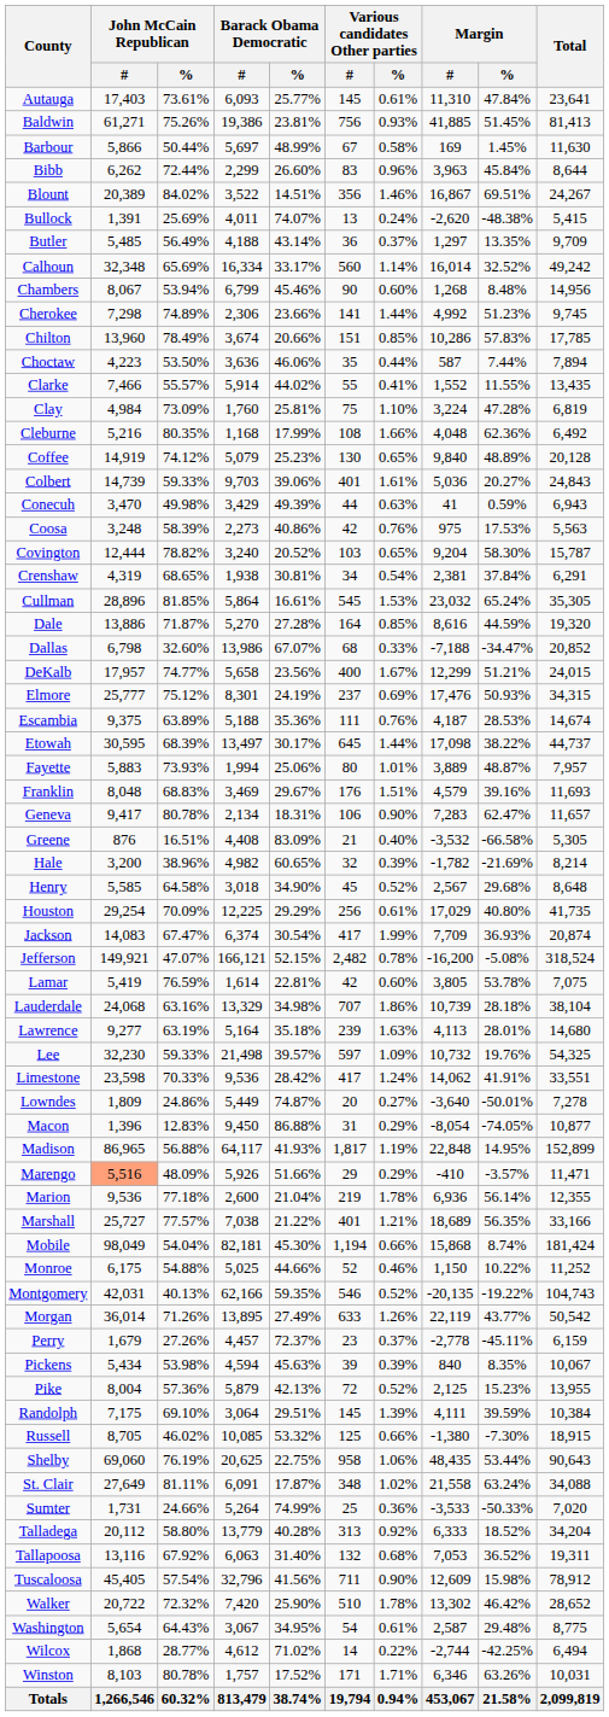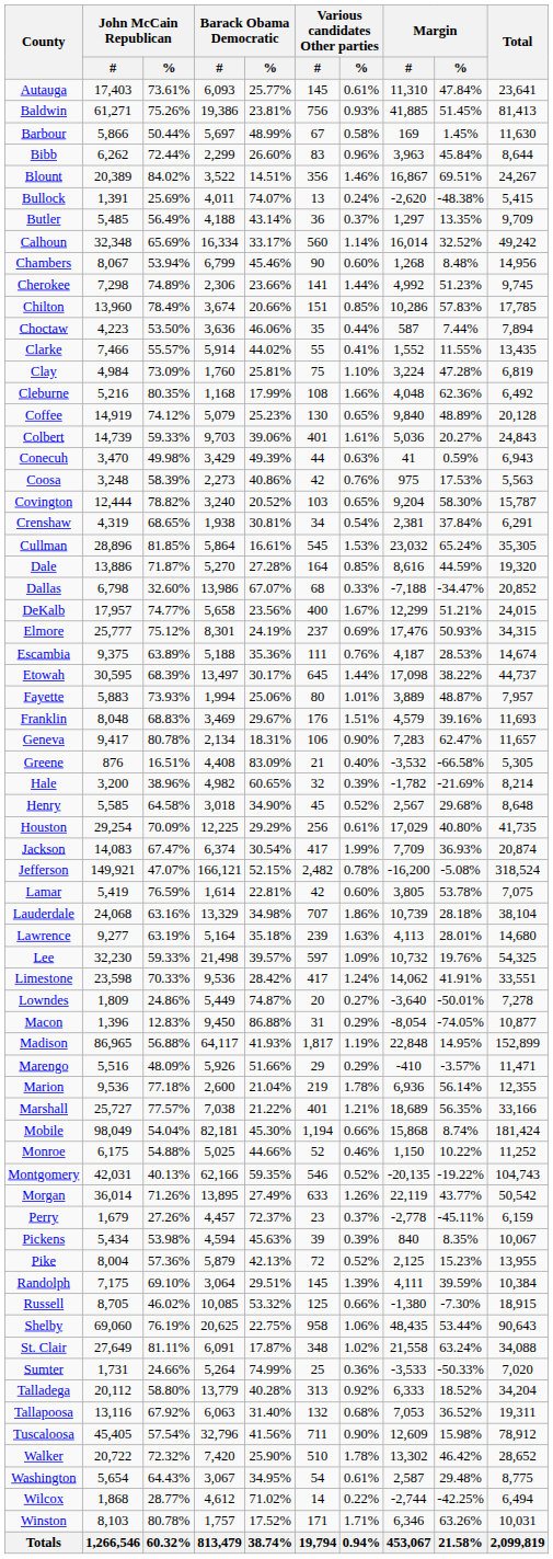 <table width="60%" class="wikitable sortable">
 <tr>
 <th rowspan="2">County</th>
 <th colspan="2">John McCain<br>Republican</th>
 <th colspan="2">Barack Obama<br>Democratic</th>
 <th colspan="2">Various candidates<br>Other parties</th>
 <th colspan="2">Margin</th>
 <th rowspan="2">Total</th>
 </tr>
 <tr>
 <th style="text-align:center;" data-sort-type="number">#</th>
 <th style="text-align:center;" data-sort-type="number">%</th>
 <th style="text-align:center;" data-sort-type="number">#</th>
 <th style="text-align:center;" data-sort-type="number">%</th>
 <th style="text-align:center;" data-sort-type="number">#</th>
 <th style="text-align:center;" data-sort-type="number">%</th>
 <th style="text-align:center;" data-sort-type="number">#</th>
 <th style="text-align:center;" data-sort-type="number">%</th>
 </tr>
 <tr style="text-align:center;">
 <td><a href='#'>Autauga</a></td>
 <td>17,403</td>
 <td>73.61%</td>
 <td>6,093</td>
 <td>25.77%</td>
 <td>145</td>
 <td>0.61%</td>
 <td>11,310</td>
 <td>47.84%</td>
 <td>23,641</td>
 </tr>
 <tr style="text-align:center;">
 <td><a href='#'>Baldwin</a></td>
 <td>61,271</td>
 <td>75.26%</td>
 <td>19,386</td>
 <td>23.81%</td>
 <td>756</td>
 <td>0.93%</td>
 <td>41,885</td>
 <td>51.45%</td>
 <td>81,413</td>
 </tr>
 <tr style="text-align:center;">
 <td><a href='#'>Barbour</a></td>
 <td>5,866</td>
 <td>50.44%</td>
 <td>5,697</td>
 <td>48.99%</td>
 <td>67</td>
 <td>0.58%</td>
 <td>169</td>
 <td>1.45%</td>
 <td>11,630</td>
 </tr>
 <tr style="text-align:center;">
 <td><a href='#'>Bibb</a></td>
 <td>6,262</td>
 <td>72.44%</td>
 <td>2,299</td>
 <td>26.60%</td>
 <td>83</td>
 <td>0.96%</td>
 <td>3,963</td>
 <td>45.84%</td>
 <td>8,644</td>
 </tr>
 <tr style="text-align:center;">
 <td><a href='#'>Blount</a></td>
 <td>20,389</td>
 <td>84.02%</td>
 <td>3,522</td>
 <td>14.51%</td>
 <td>356</td>
 <td>1.46%</td>
 <td>16,867</td>
 <td>69.51%</td>
 <td>24,267</td>
 </tr>
 <tr style="text-align:center;">
 <td><a href='#'>Bullock</a></td>
 <td>1,391</td>
 <td>25.69%</td>
 <td>4,011</td>
 <td>74.07%</td>
 <td>13</td>
 <td>0.24%</td>
 <td>-2,620</td>
 <td>-48.38%</td>
 <td>5,415</td>
 </tr>
 <tr style="text-align:center;">
 <td><a href='#'>Butler</a></td>
 <td>5,485</td>
 <td>56.49%</td>
 <td>4,188</td>
 <td>43.14%</td>
 <td>36</td>
 <td>0.37%</td>
 <td>1,297</td>
 <td>13.35%</td>
 <td>9,709</td>
 </tr>
 <tr style="text-align:center;">
 <td><a href='#'>Calhoun</a></td>
 <td>32,348</td>
 <td>65.69%</td>
 <td>16,334</td>
 <td>33.17%</td>
 <td>560</td>
 <td>1.14%</td>
 <td>16,014</td>
 <td>32.52%</td>
 <td>49,242</td>
 </tr>
 <tr style="text-align:center;">
 <td><a href='#'>Chambers</a></td>
 <td>8,067</td>
 <td>53.94%</td>
 <td>6,799</td>
 <td>45.46%</td>
 <td>90</td>
 <td>0.60%</td>
 <td>1,268</td>
 <td>8.48%</td>
 <td>14,956</td>
 </tr>
 <tr style="text-align:center;">
 <td><a href='#'>Cherokee</a></td>
 <td>7,298</td>
 <td>74.89%</td>
 <td>2,306</td>
 <td>23.66%</td>
 <td>141</td>
 <td>1.44%</td>
 <td>4,992</td>
 <td>51.23%</td>
 <td>9,745</td>
 </tr>
 <tr style="text-align:center;">
 <td><a href='#'>Chilton</a></td>
 <td>13,960</td>
 <td>78.49%</td>
 <td>3,674</td>
 <td>20.66%</td>
 <td>151</td>
 <td>0.85%</td>
 <td>10,286</td>
 <td>57.83%</td>
 <td>17,785</td>
 </tr>
 <tr style="text-align:center;">
 <td><a href='#'>Choctaw</a></td>
 <td>4,223</td>
 <td>53.50%</td>
 <td>3,636</td>
 <td>46.06%</td>
 <td>35</td>
 <td>0.44%</td>
 <td>587</td>
 <td>7.44%</td>
 <td>7,894</td>
 </tr>
 <tr style="text-align:center;">
 <td><a href='#'>Clarke</a></td>
 <td>7,466</td>
 <td>55.57%</td>
 <td>5,914</td>
 <td>44.02%</td>
 <td>55</td>
 <td>0.41%</td>
 <td>1,552</td>
 <td>11.55%</td>
 <td>13,435</td>
 </tr>
 <tr style="text-align:center;">
 <td><a href='#'>Clay</a></td>
 <td>4,984</td>
 <td>73.09%</td>
 <td>1,760</td>
 <td>25.81%</td>
 <td>75</td>
 <td>1.10%</td>
 <td>3,224</td>
 <td>47.28%</td>
 <td>6,819</td>
 </tr>
 <tr style="text-align:center;">
 <td><a href='#'>Cleburne</a></td>
 <td>5,216</td>
 <td>80.35%</td>
 <td>1,168</td>
 <td>17.99%</td>
 <td>108</td>
 <td>1.66%</td>
 <td>4,048</td>
 <td>62.36%</td>
 <td>6,492</td>
 </tr>
 <tr style="text-align:center;">
 <td><a href='#'>Coffee</a></td>
 <td>14,919</td>
 <td>74.12%</td>
 <td>5,079</td>
 <td>25.23%</td>
 <td>130</td>
 <td>0.65%</td>
 <td>9,840</td>
 <td>48.89%</td>
 <td>20,128</td>
 </tr>
 <tr style="text-align:center;">
 <td><a href='#'>Colbert</a></td>
 <td>14,739</td>
 <td>59.33%</td>
 <td>9,703</td>
 <td>39.06%</td>
 <td>401</td>
 <td>1.61%</td>
 <td>5,036</td>
 <td>20.27%</td>
 <td>24,843</td>
 </tr>
 <tr style="text-align:center;">
 <td><a href='#'>Conecuh</a></td>
 <td>3,470</td>
 <td>49.98%</td>
 <td>3,429</td>
 <td>49.39%</td>
 <td>44</td>
 <td>0.63%</td>
 <td>41</td>
 <td>0.59%</td>
 <td>6,943</td>
 </tr>
 <tr style="text-align:center;">
 <td><a href='#'>Coosa</a></td>
 <td>3,248</td>
 <td>58.39%</td>
 <td>2,273</td>
 <td>40.86%</td>
 <td>42</td>
 <td>0.76%</td>
 <td>975</td>
 <td>17.53%</td>
 <td>5,563</td>
 </tr>
 <tr style="text-align:center;">
 <td><a href='#'>Covington</a></td>
 <td>12,444</td>
 <td>78.82%</td>
 <td>3,240</td>
 <td>20.52%</td>
 <td>103</td>
 <td>0.65%</td>
 <td>9,204</td>
 <td>58.30%</td>
 <td>15,787</td>
 </tr>
 <tr style="text-align:center;">
 <td><a href='#'>Crenshaw</a></td>
 <td>4,319</td>
 <td>68.65%</td>
 <td>1,938</td>
 <td>30.81%</td>
 <td>34</td>
 <td>0.54%</td>
 <td>2,381</td>
 <td>37.84%</td>
 <td>6,291</td>
 </tr>
 <tr style="text-align:center;">
 <td><a href='#'>Cullman</a></td>
 <td>28,896</td>
 <td>81.85%</td>
 <td>5,864</td>
 <td>16.61%</td>
 <td>545</td>
 <td>1.53%</td>
 <td>23,032</td>
 <td>65.24%</td>
 <td>35,305</td>
 </tr>
 <tr style="text-align:center;">
 <td><a href='#'>Dale</a></td>
 <td>13,886</td>
 <td>71.87%</td>
 <td>5,270</td>
 <td>27.28%</td>
 <td>164</td>
 <td>0.85%</td>
 <td>8,616</td>
 <td>44.59%</td>
 <td>19,320</td>
 </tr>
 <tr style="text-align:center;">
 <td><a href='#'>Dallas</a></td>
 <td>6,798</td>
 <td>32.60%</td>
 <td>13,986</td>
 <td>67.07%</td>
 <td>68</td>
 <td>0.33%</td>
 <td>-7,188</td>
 <td>-34.47%</td>
 <td>20,852</td>
 </tr>
 <tr style="text-align:center;">
 <td><a href='#'>DeKalb</a></td>
 <td>17,957</td>
 <td>74.77%</td>
 <td>5,658</td>
 <td>23.56%</td>
 <td>400</td>
 <td>1.67%</td>
 <td>12,299</td>
 <td>51.21%</td>
 <td>24,015</td>
 </tr>
 <tr style="text-align:center;">
 <td><a href='#'>Elmore</a></td>
 <td>25,777</td>
 <td>75.12%</td>
 <td>8,301</td>
 <td>24.19%</td>
 <td>237</td>
 <td>0.69%</td>
 <td>17,476</td>
 <td>50.93%</td>
 <td>34,315</td>
 </tr>
 <tr style="text-align:center;">
 <td><a href='#'>Escambia</a></td>
 <td>9,375</td>
 <td>63.89%</td>
 <td>5,188</td>
 <td>35.36%</td>
 <td>111</td>
 <td>0.76%</td>
 <td>4,187</td>
 <td>28.53%</td>
 <td>14,674</td>
 </tr>
 <tr style="text-align:center;">
 <td><a href='#'>Etowah</a></td>
 <td>30,595</td>
 <td>68.39%</td>
 <td>13,497</td>
 <td>30.17%</td>
 <td>645</td>
 <td>1.44%</td>
 <td>17,098</td>
 <td>38.22%</td>
 <td>44,737</td>
 </tr>
 <tr style="text-align:center;">
 <td><a href='#'>Fayette</a></td>
 <td>5,883</td>
 <td>73.93%</td>
 <td>1,994</td>
 <td>25.06%</td>
 <td>80</td>
 <td>1.01%</td>
 <td>3,889</td>
 <td>48.87%</td>
 <td>7,957</td>
 </tr>
 <tr style="text-align:center;">
 <td><a href='#'>Franklin</a></td>
 <td>8,048</td>
 <td>68.83%</td>
 <td>3,469</td>
 <td>29.67%</td>
 <td>176</td>
 <td>1.51%</td>
 <td>4,579</td>
 <td>39.16%</td>
 <td>11,693</td>
 </tr>
 <tr style="text-align:center;">
 <td><a href='#'>Geneva</a></td>
 <td>9,417</td>
 <td>80.78%</td>
 <td>2,134</td>
 <td>18.31%</td>
 <td>106</td>
 <td>0.90%</td>
 <td>7,283</td>
 <td>62.47%</td>
 <td>11,657</td>
 </tr>
 <tr style="text-align:center;">
 <td><a href='#'>Greene</a></td>
 <td>876</td>
 <td>16.51%</td>
 <td>4,408</td>
 <td>83.09%</td>
 <td>21</td>
 <td>0.40%</td>
 <td>-3,532</td>
 <td>-66.58%</td>
 <td>5,305</td>
 </tr>
 <tr style="text-align:center;">
 <td><a href='#'>Hale</a></td>
 <td>3,200</td>
 <td>38.96%</td>
 <td>4,982</td>
 <td>60.65%</td>
 <td>32</td>
 <td>0.39%</td>
 <td>-1,782</td>
 <td>-21.69%</td>
 <td>8,214</td>
 </tr>
 <tr style="text-align:center;">
 <td><a href='#'>Henry</a></td>
 <td>5,585</td>
 <td>64.58%</td>
 <td>3,018</td>
 <td>34.90%</td>
 <td>45</td>
 <td>0.52%</td>
 <td>2,567</td>
 <td>29.68%</td>
 <td>8,648</td>
 </tr>
 <tr style="text-align:center;">
 <td><a href='#'>Houston</a></td>
 <td>29,254</td>
 <td>70.09%</td>
 <td>12,225</td>
 <td>29.29%</td>
 <td>256</td>
 <td>0.61%</td>
 <td>17,029</td>
 <td>40.80%</td>
 <td>41,735</td>
 </tr>
 <tr style="text-align:center;">
 <td><a href='#'>Jackson</a></td>
 <td>14,083</td>
 <td>67.47%</td>
 <td>6,374</td>
 <td>30.54%</td>
 <td>417</td>
 <td>1.99%</td>
 <td>7,709</td>
 <td>36.93%</td>
 <td>20,874</td>
 </tr>
 <tr style="text-align:center;">
 <td><a href='#'>Jefferson</a></td>
 <td>149,921</td>
 <td>47.07%</td>
 <td>166,121</td>
 <td>52.15%</td>
 <td>2,482</td>
 <td>0.78%</td>
 <td>-16,200</td>
 <td>-5.08%</td>
 <td>318,524</td>
 </tr>
 <tr style="text-align:center;">
 <td><a href='#'>Lamar</a></td>
 <td>5,419</td>
 <td>76.59%</td>
 <td>1,614</td>
 <td>22.81%</td>
 <td>42</td>
 <td>0.60%</td>
 <td>3,805</td>
 <td>53.78%</td>
 <td>7,075</td>
 </tr>
 <tr style="text-align:center;">
 <td><a href='#'>Lauderdale</a></td>
 <td>24,068</td>
 <td>63.16%</td>
 <td>13,329</td>
 <td>34.98%</td>
 <td>707</td>
 <td>1.86%</td>
 <td>10,739</td>
 <td>28.18%</td>
 <td>38,104</td>
 </tr>
 <tr style="text-align:center;">
 <td><a href='#'>Lawrence</a></td>
 <td>9,277</td>
 <td>63.19%</td>
 <td>5,164</td>
 <td>35.18%</td>
 <td>239</td>
 <td>1.63%</td>
 <td>4,113</td>
 <td>28.01%</td>
 <td>14,680</td>
 </tr>
 <tr style="text-align:center;">
 <td><a href='#'>Lee</a></td>
 <td>32,230</td>
 <td>59.33%</td>
 <td>21,498</td>
 <td>39.57%</td>
 <td>597</td>
 <td>1.09%</td>
 <td>10,732</td>
 <td>19.76%</td>
 <td>54,325</td>
 </tr>
 <tr style="text-align:center;">
 <td><a href='#'>Limestone</a></td>
 <td>23,598</td>
 <td>70.33%</td>
 <td>9,536</td>
 <td>28.42%</td>
 <td>417</td>
 <td>1.24%</td>
 <td>14,062</td>
 <td>41.91%</td>
 <td>33,551</td>
 </tr>
 <tr style="text-align:center;">
 <td><a href='#'>Lowndes</a></td>
 <td>1,809</td>
 <td>24.86%</td>
 <td>5,449</td>
 <td>74.87%</td>
 <td>20</td>
 <td>0.27%</td>
 <td>-3,640</td>
 <td>-50.01%</td>
 <td>7,278</td>
 </tr>
 <tr style="text-align:center;">
 <td><a href='#'>Macon</a></td>
 <td>1,396</td>
 <td>12.83%</td>
 <td>9,450</td>
 <td>86.88%</td>
 <td>31</td>
 <td>0.29%</td>
 <td>-8,054</td>
 <td>-74.05%</td>
 <td>10,877</td>
 </tr>
 <tr style="text-align:center;">
 <td><a href='#'>Madison</a></td>
 <td>86,965</td>
 <td>56.88%</td>
 <td>64,117</td>
 <td>41.93%</td>
 <td>1,817</td>
 <td>1.19%</td>
 <td>22,848</td>
 <td>14.95%</td>
 <td>152,899</td>
 </tr>
 <tr style="text-align:center;">
 <td><a href='#'>Marengo</a></td>
-<td style="background: lightsalmon;">5,516</td>
+<td>5,516</td>
 <td>48.09%</td>
 <td>5,926</td>
 <td>51.66%</td>
 <td>29</td>
 <td>0.29%</td>
 <td>-410</td>
 <td>-3.57%</td>
 <td>11,471</td>
 </tr>
 <tr style="text-align:center;">
 <td><a href='#'>Marion</a></td>
 <td>9,536</td>
 <td>77.18%</td>
 <td>2,600</td>
 <td>21.04%</td>
 <td>219</td>
 <td>1.78%</td>
 <td>6,936</td>
 <td>56.14%</td>
 <td>12,355</td>
 </tr>
 <tr style="text-align:center;">
 <td><a href='#'>Marshall</a></td>
 <td>25,727</td>
 <td>77.57%</td>
 <td>7,038</td>
 <td>21.22%</td>
 <td>401</td>
 <td>1.21%</td>
 <td>18,689</td>
 <td>56.35%</td>
 <td>33,166</td>
 </tr>
 <tr style="text-align:center;">
 <td><a href='#'>Mobile</a></td>
 <td>98,049</td>
 <td>54.04%</td>
 <td>82,181</td>
 <td>45.30%</td>
 <td>1,194</td>
 <td>0.66%</td>
 <td>15,868</td>
 <td>8.74%</td>
 <td>181,424</td>
 </tr>
 <tr style="text-align:center;">
 <td><a href='#'>Monroe</a></td>
 <td>6,175</td>
 <td>54.88%</td>
 <td>5,025</td>
 <td>44.66%</td>
 <td>52</td>
 <td>0.46%</td>
 <td>1,150</td>
 <td>10.22%</td>
 <td>11,252</td>
 </tr>
 <tr style="text-align:center;">
 <td><a href='#'>Montgomery</a></td>
 <td>42,031</td>
 <td>40.13%</td>
 <td>62,166</td>
 <td>59.35%</td>
 <td>546</td>
 <td>0.52%</td>
 <td>-20,135</td>
 <td>-19.22%</td>
 <td>104,743</td>
 </tr>
 <tr style="text-align:center;">
 <td><a href='#'>Morgan</a></td>
 <td>36,014</td>
 <td>71.26%</td>
 <td>13,895</td>
 <td>27.49%</td>
 <td>633</td>
 <td>1.26%</td>
 <td>22,119</td>
 <td>43.77%</td>
 <td>50,542</td>
 </tr>
 <tr style="text-align:center;">
 <td><a href='#'>Perry</a></td>
 <td>1,679</td>
 <td>27.26%</td>
 <td>4,457</td>
 <td>72.37%</td>
 <td>23</td>
 <td>0.37%</td>
 <td>-2,778</td>
 <td>-45.11%</td>
 <td>6,159</td>
 </tr>
 <tr style="text-align:center;">
 <td><a href='#'>Pickens</a></td>
 <td>5,434</td>
 <td>53.98%</td>
 <td>4,594</td>
 <td>45.63%</td>
 <td>39</td>
 <td>0.39%</td>
 <td>840</td>
 <td>8.35%</td>
 <td>10,067</td>
 </tr>
 <tr style="text-align:center;">
 <td><a href='#'>Pike</a></td>
 <td>8,004</td>
 <td>57.36%</td>
 <td>5,879</td>
 <td>42.13%</td>
 <td>72</td>
 <td>0.52%</td>
 <td>2,125</td>
 <td>15.23%</td>
 <td>13,955</td>
 </tr>
 <tr style="text-align:center;">
 <td><a href='#'>Randolph</a></td>
 <td>7,175</td>
 <td>69.10%</td>
 <td>3,064</td>
 <td>29.51%</td>
 <td>145</td>
 <td>1.39%</td>
 <td>4,111</td>
 <td>39.59%</td>
 <td>10,384</td>
 </tr>
 <tr style="text-align:center;">
 <td><a href='#'>Russell</a></td>
 <td>8,705</td>
 <td>46.02%</td>
 <td>10,085</td>
 <td>53.32%</td>
 <td>125</td>
 <td>0.66%</td>
 <td>-1,380</td>
 <td>-7.30%</td>
 <td>18,915</td>
 </tr>
 <tr style="text-align:center;">
 <td><a href='#'>Shelby</a></td>
 <td>69,060</td>
 <td>76.19%</td>
 <td>20,625</td>
 <td>22.75%</td>
 <td>958</td>
 <td>1.06%</td>
 <td>48,435</td>
 <td>53.44%</td>
 <td>90,643</td>
 </tr>
 <tr style="text-align:center;">
 <td><a href='#'>St. Clair</a></td>
 <td>27,649</td>
 <td>81.11%</td>
 <td>6,091</td>
 <td>17.87%</td>
 <td>348</td>
 <td>1.02%</td>
 <td>21,558</td>
 <td>63.24%</td>
 <td>34,088</td>
 </tr>
 <tr style="text-align:center;">
 <td><a href='#'>Sumter</a></td>
 <td>1,731</td>
 <td>24.66%</td>
 <td>5,264</td>
 <td>74.99%</td>
 <td>25</td>
 <td>0.36%</td>
 <td>-3,533</td>
 <td>-50.33%</td>
 <td>7,020</td>
 </tr>
 <tr style="text-align:center;">
 <td><a href='#'>Talladega</a></td>
 <td>20,112</td>
 <td>58.80%</td>
 <td>13,779</td>
 <td>40.28%</td>
 <td>313</td>
 <td>0.92%</td>
 <td>6,333</td>
 <td>18.52%</td>
 <td>34,204</td>
 </tr>
 <tr style="text-align:center;">
 <td><a href='#'>Tallapoosa</a></td>
 <td>13,116</td>
 <td>67.92%</td>
 <td>6,063</td>
 <td>31.40%</td>
 <td>132</td>
 <td>0.68%</td>
 <td>7,053</td>
 <td>36.52%</td>
 <td>19,311</td>
 </tr>
 <tr style="text-align:center;">
 <td><a href='#'>Tuscaloosa</a></td>
 <td>45,405</td>
 <td>57.54%</td>
 <td>32,796</td>
 <td>41.56%</td>
 <td>711</td>
 <td>0.90%</td>
 <td>12,609</td>
 <td>15.98%</td>
 <td>78,912</td>
 </tr>
 <tr style="text-align:center;">
 <td><a href='#'>Walker</a></td>
 <td>20,722</td>
 <td>72.32%</td>
 <td>7,420</td>
 <td>25.90%</td>
 <td>510</td>
 <td>1.78%</td>
 <td>13,302</td>
 <td>46.42%</td>
 <td>28,652</td>
 </tr>
 <tr style="text-align:center;">
 <td><a href='#'>Washington</a></td>
 <td>5,654</td>
 <td>64.43%</td>
 <td>3,067</td>
 <td>34.95%</td>
 <td>54</td>
 <td>0.61%</td>
 <td>2,587</td>
 <td>29.48%</td>
 <td>8,775</td>
 </tr>
 <tr style="text-align:center;">
 <td><a href='#'>Wilcox</a></td>
 <td>1,868</td>
 <td>28.77%</td>
 <td>4,612</td>
 <td>71.02%</td>
 <td>14</td>
 <td>0.22%</td>
 <td>-2,744</td>
 <td>-42.25%</td>
 <td>6,494</td>
 </tr>
 <tr style="text-align:center;">
 <td><a href='#'>Winston</a></td>
 <td>8,103</td>
 <td>80.78%</td>
 <td>1,757</td>
 <td>17.52%</td>
 <td>171</td>
 <td>1.71%</td>
 <td>6,346</td>
 <td>63.26%</td>
 <td>10,031</td>
 </tr>
 <tr>
 <th>Totals</th>
 <th>1,266,546</th>
 <th>60.32%</th>
 <th>813,479</th>
 <th>38.74%</th>
 <th>19,794</th>
 <th>0.94%</th>
 <th>453,067</th>
 <th>21.58%</th>
 <th>2,099,819</th>
 </tr>
 </table>
